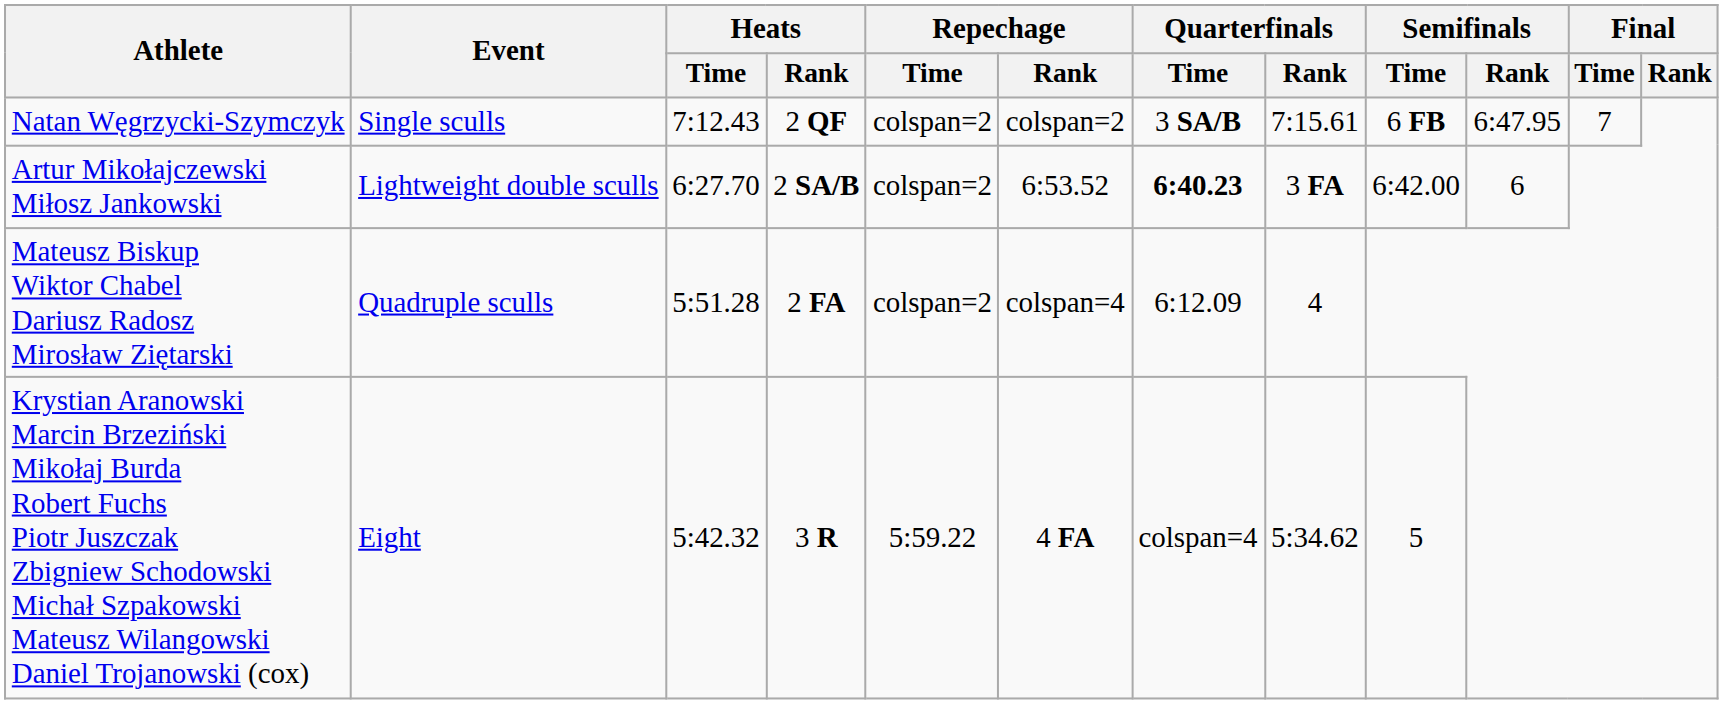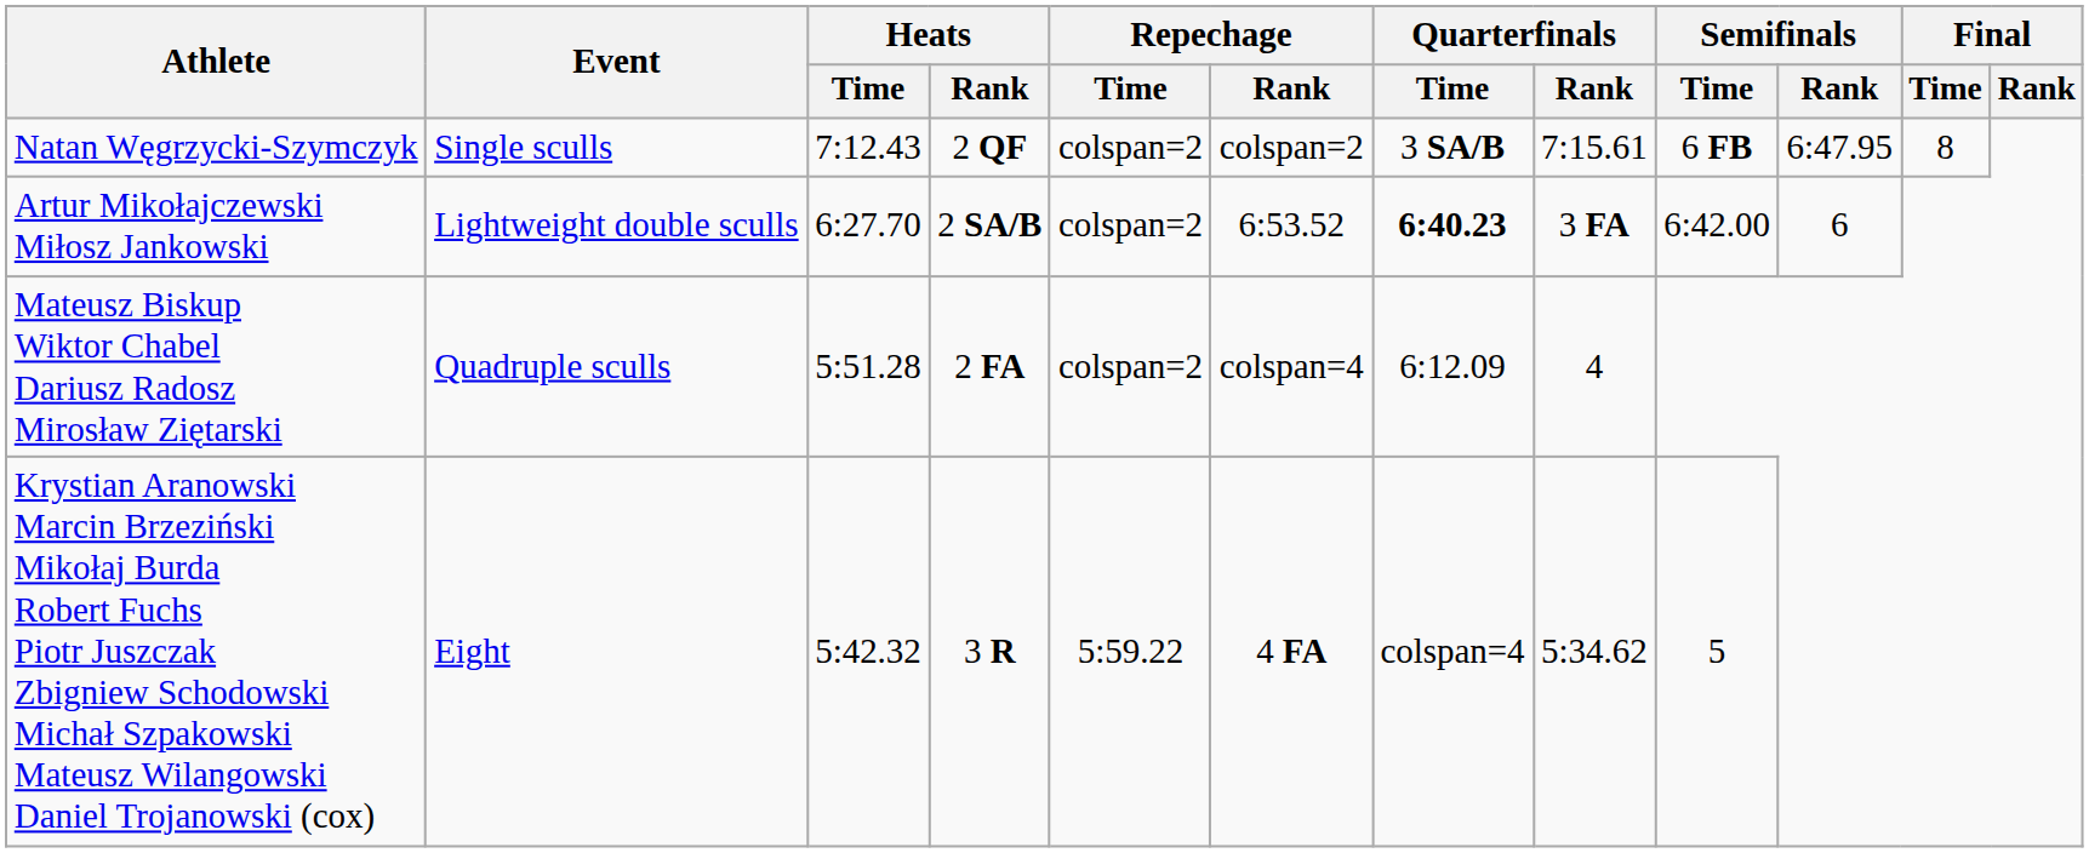 <table class="wikitable" style="font-size:90%">
 <tr>
 <th rowspan="2">Athlete</th>
 <th rowspan="2">Event</th>
 <th colspan="2">Heats</th>
 <th colspan="2">Repechage</th>
 <th colspan="2">Quarterfinals</th>
 <th colspan="2">Semifinals</th>
 <th colspan="2">Final</th>
 </tr>
 <tr style="font-size:95%">
 <th>Time</th>
 <th>Rank</th>
 <th>Time</th>
 <th>Rank</th>
 <th>Time</th>
 <th>Rank</th>
 <th>Time</th>
 <th>Rank</th>
 <th>Time</th>
 <th>Rank</th>
 </tr>
 <tr align=center>
 <td align=left><a href='#'>Natan Węgrzycki-Szymczyk</a></td>
 <td align=left><a href='#'>Single sculls</a></td>
 <td>7:12.43</td>
 <td>2 <strong>QF</strong></td>
 <td>colspan=2 </td>
 <td>colspan=2 </td>
 <td>3 <strong>SA/B</strong></td>
 <td>7:15.61</td>
 <td>6 <strong>FB</strong></td>
 <td>6:47.95</td>
-<td>7</td>
+<td>8</td>
 </tr>
 <tr align=center>
 <td align=left><a href='#'>Artur Mikołajczewski</a><br><a href='#'>Miłosz Jankowski</a></td>
 <td align=left><a href='#'>Lightweight double sculls</a></td>
 <td>6:27.70</td>
 <td>2 <strong>SA/B</strong></td>
 <td>colspan=2 </td>
 <td>6:53.52</td>
 <td><strong>6:40.23</strong></td>
 <td>3 <strong>FA</strong></td>
 <td>6:42.00</td>
 <td>6</td>
 </tr>
 <tr align=center>
 <td align=left><a href='#'>Mateusz Biskup</a><br><a href='#'>Wiktor Chabel</a><br><a href='#'>Dariusz Radosz</a><br><a href='#'>Mirosław Ziętarski</a></td>
 <td align=left><a href='#'>Quadruple sculls</a></td>
 <td>5:51.28</td>
 <td>2 <strong>FA</strong></td>
 <td>colspan=2 </td>
 <td>colspan=4 </td>
 <td>6:12.09</td>
 <td>4</td>
 </tr>
 <tr align=center>
 <td align=left><a href='#'>Krystian Aranowski</a><br><a href='#'>Marcin Brzeziński</a><br><a href='#'>Mikołaj Burda</a><br><a href='#'>Robert Fuchs</a><br><a href='#'>Piotr Juszczak</a><br><a href='#'>Zbigniew Schodowski</a><br><a href='#'>Michał Szpakowski</a><br><a href='#'>Mateusz Wilangowski</a><br><a href='#'>Daniel Trojanowski</a> (cox)</td>
 <td align=left><a href='#'>Eight</a></td>
 <td>5:42.32</td>
 <td>3 <strong>R</strong></td>
 <td>5:59.22</td>
 <td>4 <strong>FA</strong></td>
 <td>colspan=4 </td>
 <td>5:34.62</td>
 <td>5</td>
 </tr>
 </table>
